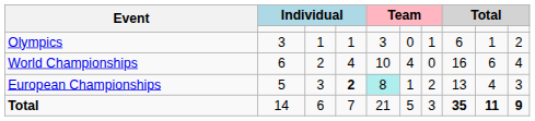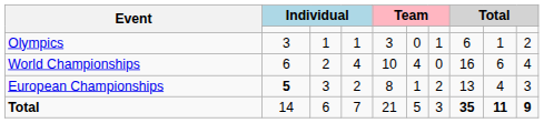 <table class="wikitable" style="text-align:center; font-size:100%; width: 50%;" border="1">
 <tr>
 <th rowspan=2>Event</th>
 <th colspan=3; style="background-color:lightblue">Individual</th>
 <th colspan=3; style="background-color:lightpink">Team</th>
 <th colspan=3; style="background-color:lightgrey">Total</th>
 </tr>
 <tr>
 <td></td>
 <td></td>
 <td></td>
 <td></td>
 <td></td>
 <td></td>
 <td></td>
 <td></td>
 <td></td>
 </tr>
 <tr>
 <td align=left><a href='#'>Olympics</a></td>
 <td>3</td>
 <td>1</td>
 <td>1</td>
 <td>3</td>
 <td>0</td>
 <td>1</td>
 <td>6</td>
 <td>1</td>
 <td>2</td>
 </tr>
 <tr>
 <td alIgn=left><a href='#'>World Championships</a></td>
 <td>6</td>
 <td>2</td>
 <td>4</td>
 <td>10</td>
 <td>4</td>
 <td>0</td>
 <td>16</td>
 <td>6</td>
 <td>4</td>
 </tr>
 <tr>
 <td align=left><a href='#'>European Championships</a></td>
-<td>5</td>
+<td><strong>5</strong></td>
 <td>3</td>
-<td><strong>2</strong></td>
-<td style="background: paleturquoise;">8</td>
+<td>2</td>
+<td>8</td>
 <td>1</td>
 <td>2</td>
 <td>13</td>
 <td>4</td>
 <td>3</td>
 </tr>
 <tr>
 <td align=left><strong>Total</strong></td>
 <td>14</td>
 <td>6</td>
 <td>7</td>
 <td>21</td>
 <td>5</td>
 <td>3</td>
 <td><strong>35</strong></td>
 <td><strong>11</strong></td>
 <td><strong>9</strong></td>
 </tr>
 </table>
